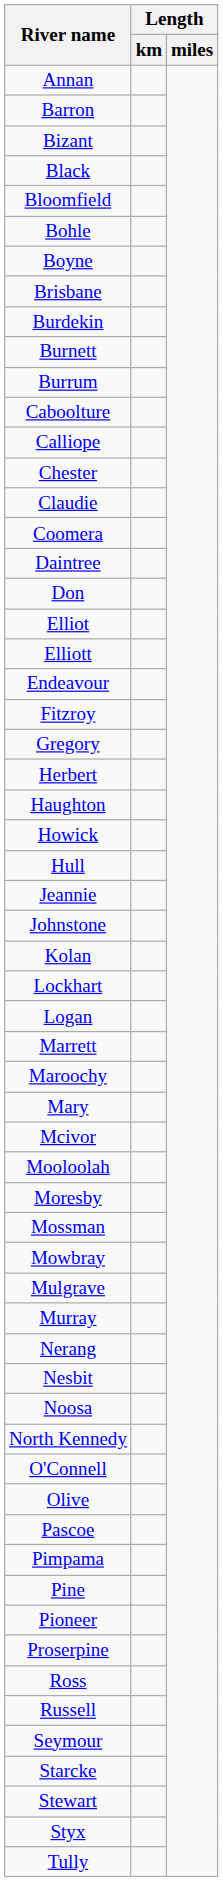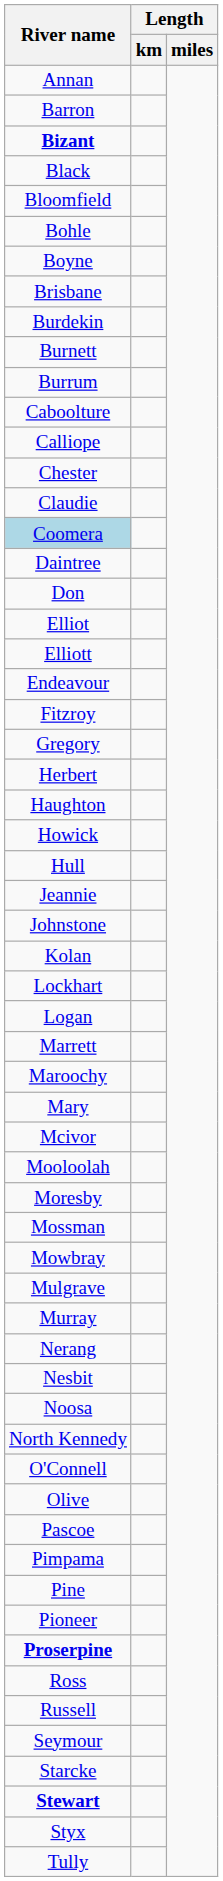 <table class="wikitable sortable" style="text-align:center;">
 <tr>
 <th scope="col" rowspan="2">River name</th>
 <th scope="col" colspan="2">Length</th>
 </tr>
 <tr>
 <th scope="col">km</th>
 <th scope="col">miles</th>
 </tr>
 <tr>
 <td><a href='#'>Annan</a></td>
 <td></td>
 </tr>
 <tr>
 <td><a href='#'>Barron</a></td>
 <td></td>
 </tr>
 <tr>
-<td><a href='#'>Bizant</a></td>
+<td><strong><a href='#'>Bizant</a></strong></td>
 <td></td>
 </tr>
 <tr>
 <td><a href='#'>Black</a></td>
 <td></td>
 </tr>
 <tr>
 <td><a href='#'>Bloomfield</a></td>
 <td></td>
 </tr>
 <tr>
 <td><a href='#'>Bohle</a></td>
 <td></td>
 </tr>
 <tr>
 <td><a href='#'>Boyne</a></td>
 <td></td>
 </tr>
 <tr>
 <td><a href='#'>Brisbane</a></td>
 <td></td>
 </tr>
 <tr>
 <td><a href='#'>Burdekin</a></td>
 <td></td>
 </tr>
 <tr>
 <td><a href='#'>Burnett</a></td>
 <td></td>
 </tr>
 <tr>
 <td><a href='#'>Burrum</a></td>
 <td></td>
 </tr>
 <tr>
 <td><a href='#'>Caboolture</a></td>
 <td></td>
 </tr>
 <tr>
 <td><a href='#'>Calliope</a></td>
 <td></td>
 </tr>
 <tr>
 <td><a href='#'>Chester</a></td>
 <td></td>
 </tr>
 <tr>
 <td><a href='#'>Claudie</a></td>
 <td></td>
 </tr>
 <tr>
-<td><a href='#'>Coomera</a></td>
+<td style="background: lightblue;"><a href='#'>Coomera</a></td>
 <td></td>
 </tr>
 <tr>
 <td><a href='#'>Daintree</a></td>
 <td></td>
 </tr>
 <tr>
 <td><a href='#'>Don</a></td>
 <td></td>
 </tr>
 <tr>
 <td><a href='#'>Elliot</a></td>
 <td></td>
 </tr>
 <tr>
 <td><a href='#'>Elliott</a></td>
 <td></td>
 </tr>
 <tr>
 <td><a href='#'>Endeavour</a></td>
 <td></td>
 </tr>
 <tr>
 <td><a href='#'>Fitzroy</a></td>
 <td></td>
 </tr>
 <tr>
 <td><a href='#'>Gregory</a></td>
 <td></td>
 </tr>
 <tr>
 <td><a href='#'>Herbert</a></td>
 <td></td>
 </tr>
 <tr>
 <td><a href='#'>Haughton</a></td>
 <td></td>
 </tr>
 <tr>
 <td><a href='#'>Howick</a></td>
 <td></td>
 </tr>
 <tr>
 <td><a href='#'>Hull</a></td>
 <td></td>
 </tr>
 <tr>
 <td><a href='#'>Jeannie</a></td>
 <td></td>
 </tr>
 <tr>
 <td><a href='#'>Johnstone</a></td>
 <td></td>
 </tr>
 <tr>
 <td><a href='#'>Kolan</a></td>
 <td></td>
 </tr>
 <tr>
 <td><a href='#'>Lockhart</a></td>
 <td></td>
 </tr>
 <tr>
 <td><a href='#'>Logan</a></td>
 <td></td>
 </tr>
 <tr>
 <td><a href='#'>Marrett</a></td>
 <td></td>
 </tr>
 <tr>
 <td><a href='#'>Maroochy</a></td>
 <td></td>
 </tr>
 <tr>
 <td><a href='#'>Mary</a></td>
 <td></td>
 </tr>
 <tr>
 <td><a href='#'>Mcivor</a></td>
 <td></td>
 </tr>
 <tr>
 <td><a href='#'>Mooloolah</a></td>
 <td></td>
 </tr>
 <tr>
 <td><a href='#'>Moresby</a></td>
 <td></td>
 </tr>
 <tr>
 <td><a href='#'>Mossman</a></td>
 <td></td>
 </tr>
 <tr>
 <td><a href='#'>Mowbray</a></td>
 <td></td>
 </tr>
 <tr>
 <td><a href='#'>Mulgrave</a></td>
 <td></td>
 </tr>
 <tr>
 <td><a href='#'>Murray</a></td>
 <td></td>
 </tr>
 <tr>
 <td><a href='#'>Nerang</a></td>
 <td></td>
 </tr>
 <tr>
 <td><a href='#'>Nesbit</a></td>
 <td></td>
 </tr>
 <tr>
 <td><a href='#'>Noosa</a></td>
 <td></td>
 </tr>
 <tr>
 <td><a href='#'>North Kennedy</a></td>
 <td></td>
 </tr>
 <tr>
 <td><a href='#'>O'Connell</a></td>
 <td></td>
 </tr>
 <tr>
 <td><a href='#'>Olive</a></td>
 <td></td>
 </tr>
 <tr>
 <td><a href='#'>Pascoe</a></td>
 <td></td>
 </tr>
 <tr>
 <td><a href='#'>Pimpama</a></td>
 <td></td>
 </tr>
 <tr>
 <td><a href='#'>Pine</a></td>
 <td></td>
 </tr>
 <tr>
 <td><a href='#'>Pioneer</a></td>
 <td></td>
 </tr>
 <tr>
-<td><a href='#'>Proserpine</a></td>
+<td><strong><a href='#'>Proserpine</a></strong></td>
 <td></td>
 </tr>
 <tr>
 <td><a href='#'>Ross</a></td>
 <td></td>
 </tr>
 <tr>
 <td><a href='#'>Russell</a></td>
 <td></td>
 </tr>
 <tr>
 <td><a href='#'>Seymour</a></td>
 <td></td>
 </tr>
 <tr>
 <td><a href='#'>Starcke</a></td>
 <td></td>
 </tr>
 <tr>
-<td><a href='#'>Stewart</a></td>
+<td><strong><a href='#'>Stewart</a></strong></td>
 <td></td>
 </tr>
 <tr>
 <td><a href='#'>Styx</a></td>
 <td></td>
 </tr>
 <tr>
 <td><a href='#'>Tully</a></td>
 <td></td>
 </tr>
 </table>
